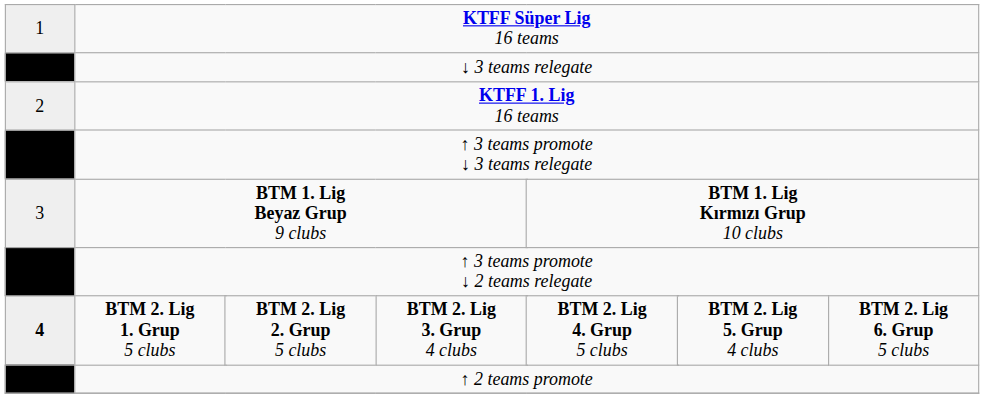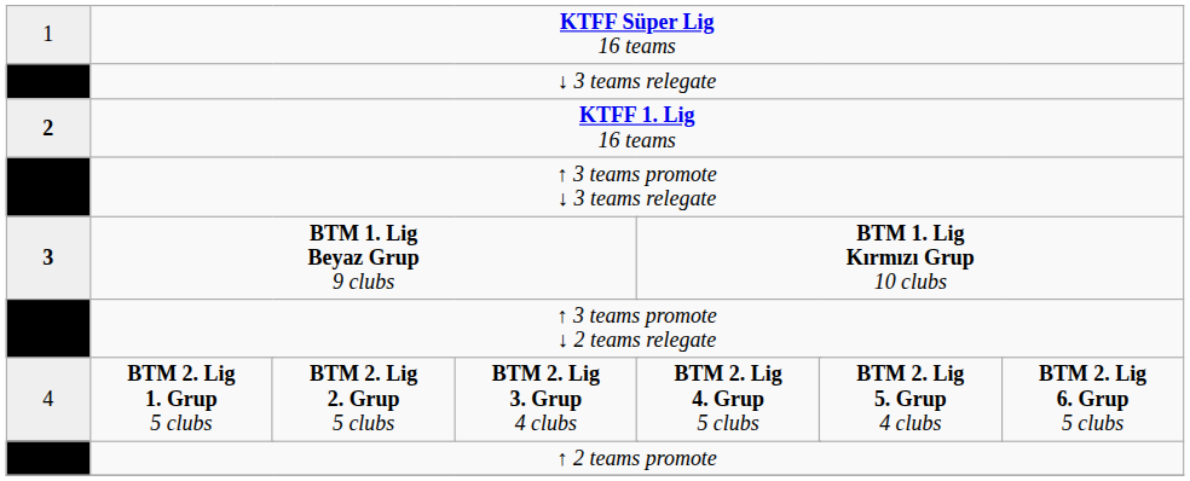 <table class="wikitable" style="margin: 0 auto;" align="center">
 <tr ---->
 <td colspan="1" width="4.6%" align="center" style="background:#efefef">1</td>
 <td colspan="12" width="100%" align="center"><strong><a href='#'>KTFF Süper Lig</a></strong><br><em>16 teams</em></td>
 </tr>
 <tr ---->
 <td colspan="1" width="4.6%" align="center" style="background:#000000"></td>
 <td colspan="12" width="20%" align="center"><em>↓ 3 teams relegate</em></td>
 </tr>
 <tr ---->
-<td colspan="1" width="4.6%" align="center" style="background:#efefef">2</td>
+<td colspan="1" width="4.6%" align="center" style="background:#efefef"><strong>2</strong></td>
 <td colspan="12" width="100%" align="center"><strong><a href='#'>KTFF 1. Lig</a></strong><br><em>16 teams</em></td>
 </tr>
 <tr ---->
 <td colspan="1" width="4.6%" align="center" style="background:#000000"></td>
 <td colspan="12" width="20%" align="center"><em>↑ 3 teams promote<br>↓ 3 teams relegate</em></td>
 </tr>
 <tr ---->
-<td colspan="1" width="4.26" align="center" style="background:#efefef">3</td>
+<td colspan="1" width="4.26" align="center" style="background:#efefef"><strong>3</strong></td>
 <td colspan="6" width="20%" align="center"><strong>BTM 1. Lig</strong><br><strong>Beyaz Grup</strong><br><em>9 clubs</em></td>
 <td colspan="6" width="20%" align="center"><strong>BTM 1. Lig</strong><br><strong>Kırmızı Grup</strong><br><em>10 clubs</em></td>
 </tr>
 <tr ---->
 <td colspan="1" width="4.6%" align="center" style="background:#000000"></td>
 <td colspan="12" width="20%" align="center"><em>↑ 3 teams promote<br>↓ 2 teams relegate</em></td>
 </tr>
 <tr ---->
-<td colspan="1" width="4.6%" align="center" style="background:#efefef"><strong>4</strong></td>
+<td colspan="1" width="4.6%" align="center" style="background:#efefef">4</td>
 <td colspan="2" width="10%" align="center"><strong>BTM 2. Lig</strong><br><strong>1. Grup</strong><br><em>5 clubs</em></td>
 <td colspan="2" width="10%" align="center"><strong>BTM 2. Lig</strong><br><strong>2. Grup</strong><br><em>5 clubs</em></td>
 <td colspan="2" width="10%" align="center"><strong>BTM 2. Lig</strong><br><strong>3. Grup</strong><br><em>4 clubs</em></td>
 <td colspan="2" width="10%" align="center"><strong>BTM 2. Lig</strong><br><strong>4. Grup</strong><br><em>5 clubs</em></td>
 <td colspan="2" width="10%" align="center"><strong>BTM 2. Lig</strong><br><strong>5. Grup</strong><br><em>4 clubs</em></td>
 <td colspan="2" width="10%" align="center"><strong>BTM 2. Lig</strong><br><strong>6. Grup</strong><br><em>5 clubs</em></td>
 </tr>
 <tr ---->
 <td colspan="1" width="4.6%" align="center" style="background:#000000"></td>
 <td colspan="12" width="20%" align="center"><em>↑ 2 teams promote</em></td>
 </tr>
 <tr ---->
 </tr>
 </table>
